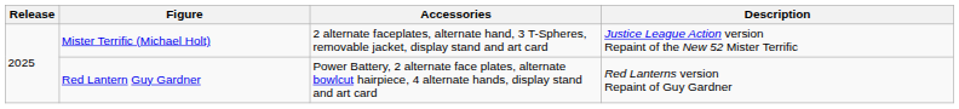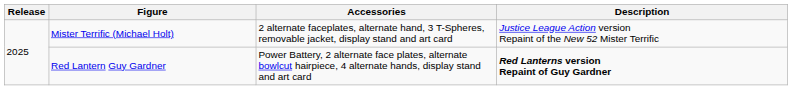 <table class="wikitable" style="width:100%;">
 <tr>
 <th width=5%!scope="col">Release</th>
 <th width=25%!scope="col">Figure</th>
 <th width=29%!scope="col">Accessories</th>
 <th width=35%!scope="col">Description</th>
 </tr>
 <tr>
 <td rowspan=2>2025</td>
 <td><a href='#'>Mister Terrific (Michael Holt)</a></td>
 <td>2 alternate faceplates, alternate hand, 3 T-Spheres, removable jacket, display stand and art card</td>
 <td><em><a href='#'>Justice League Action</a></em> version<br>Repaint of the <em>New 52</em> Mister Terrific</td>
 </tr>
 <tr>
 <td><a href='#'>Red Lantern</a> <a href='#'>Guy Gardner</a></td>
 <td>Power Battery, 2 alternate face plates, alternate <a href='#'>bowlcut</a> hairpiece, 4 alternate hands, display stand and art card</td>
-<td><em>Red Lanterns</em> version<br>Repaint of Guy Gardner</td>
+<td><strong><em>Red Lanterns</em> version<br>Repaint of Guy Gardner</strong></td>
 </tr>
 </table>
